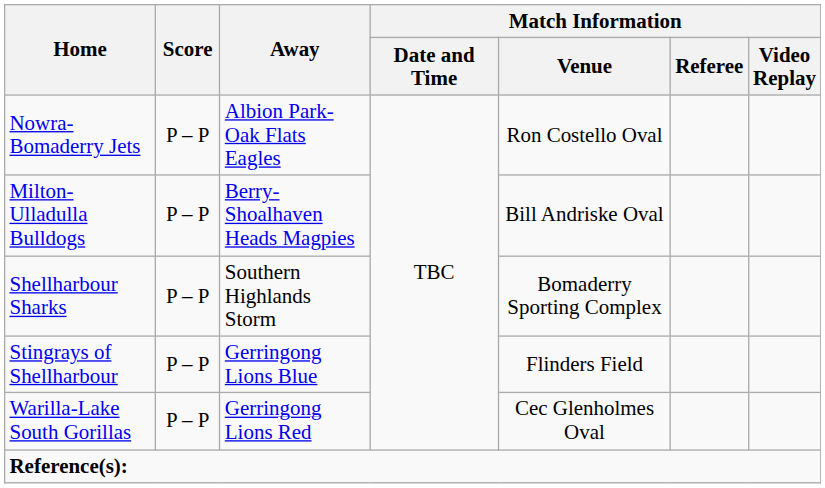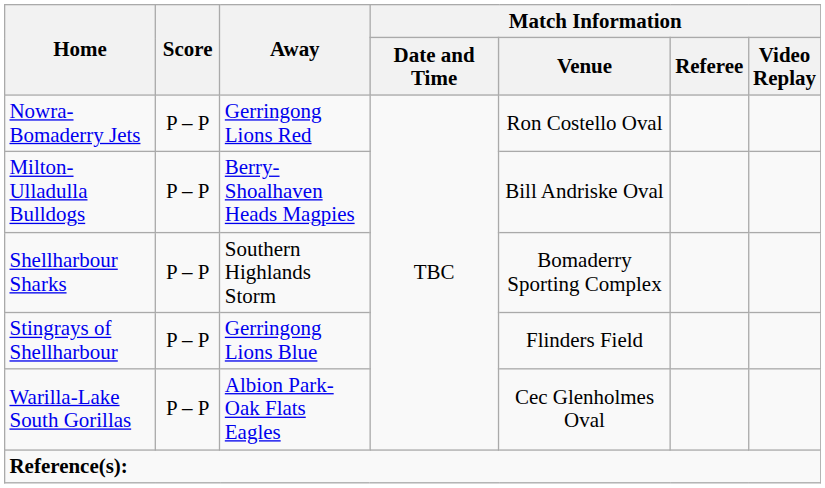 <table class="wikitable" width="100% text-align:center;">
 <tr>
 <th rowspan="2" width="19%">Home</th>
 <th rowspan="2" width="8%">Score</th>
 <th rowspan="2" width="19%">Away</th>
 <th colspan="4">Match Information</th>
 </tr>
 <tr bgcolor="#CCCCCC">
 <th width="17%">Date and Time</th>
 <th width="22%">Venue</th>
 <th>Referee</th>
 <th>Video Replay</th>
 </tr>
 <tr>
 <td> <a href='#'>Nowra-Bomaderry Jets</a></td>
 <td style="text-align:center;">P – P</td>
-<td> <a href='#'>Albion Park-Oak Flats Eagles</a></td>
+<td> <a href='#'>Gerringong Lions Red</a></td>
 <td rowspan="5" style="text-align:center;">TBC</td>
 <td style="text-align:center;">Ron Costello Oval</td>
 <td style="text-align:center;"></td>
 <td style="text-align:center;"></td>
 </tr>
 <tr>
 <td> <a href='#'>Milton-Ulladulla Bulldogs</a></td>
 <td style="text-align:center;">P – P</td>
 <td> <a href='#'>Berry-Shoalhaven Heads Magpies</a></td>
 <td style="text-align:center;">Bill Andriske Oval</td>
 <td style="text-align:center;"></td>
 <td style="text-align:center;"></td>
 </tr>
 <tr>
 <td> <a href='#'>Shellharbour Sharks</a></td>
 <td style="text-align:center;">P – P</td>
 <td> Southern Highlands Storm</td>
 <td style="text-align:center;">Bomaderry Sporting Complex</td>
 <td style="text-align:center;"></td>
 <td style="text-align:center;"></td>
 </tr>
 <tr>
 <td> <a href='#'>Stingrays of Shellharbour</a></td>
 <td style="text-align:center;">P – P</td>
 <td> <a href='#'>Gerringong Lions Blue</a></td>
 <td style="text-align:center;">Flinders Field</td>
 <td style="text-align:center;"></td>
 <td style="text-align:center;"></td>
 </tr>
 <tr>
 <td> <a href='#'>Warilla-Lake South Gorillas</a></td>
 <td style="text-align:center;">P – P</td>
-<td> <a href='#'>Gerringong Lions Red</a></td>
+<td> <a href='#'>Albion Park-Oak Flats Eagles</a></td>
 <td style="text-align:center;">Cec Glenholmes Oval</td>
 <td style="text-align:center;"></td>
 <td style="text-align:center;"></td>
 </tr>
 <tr>
 <td colspan="7"><strong>Reference(s):</strong></td>
 </tr>
 </table>
